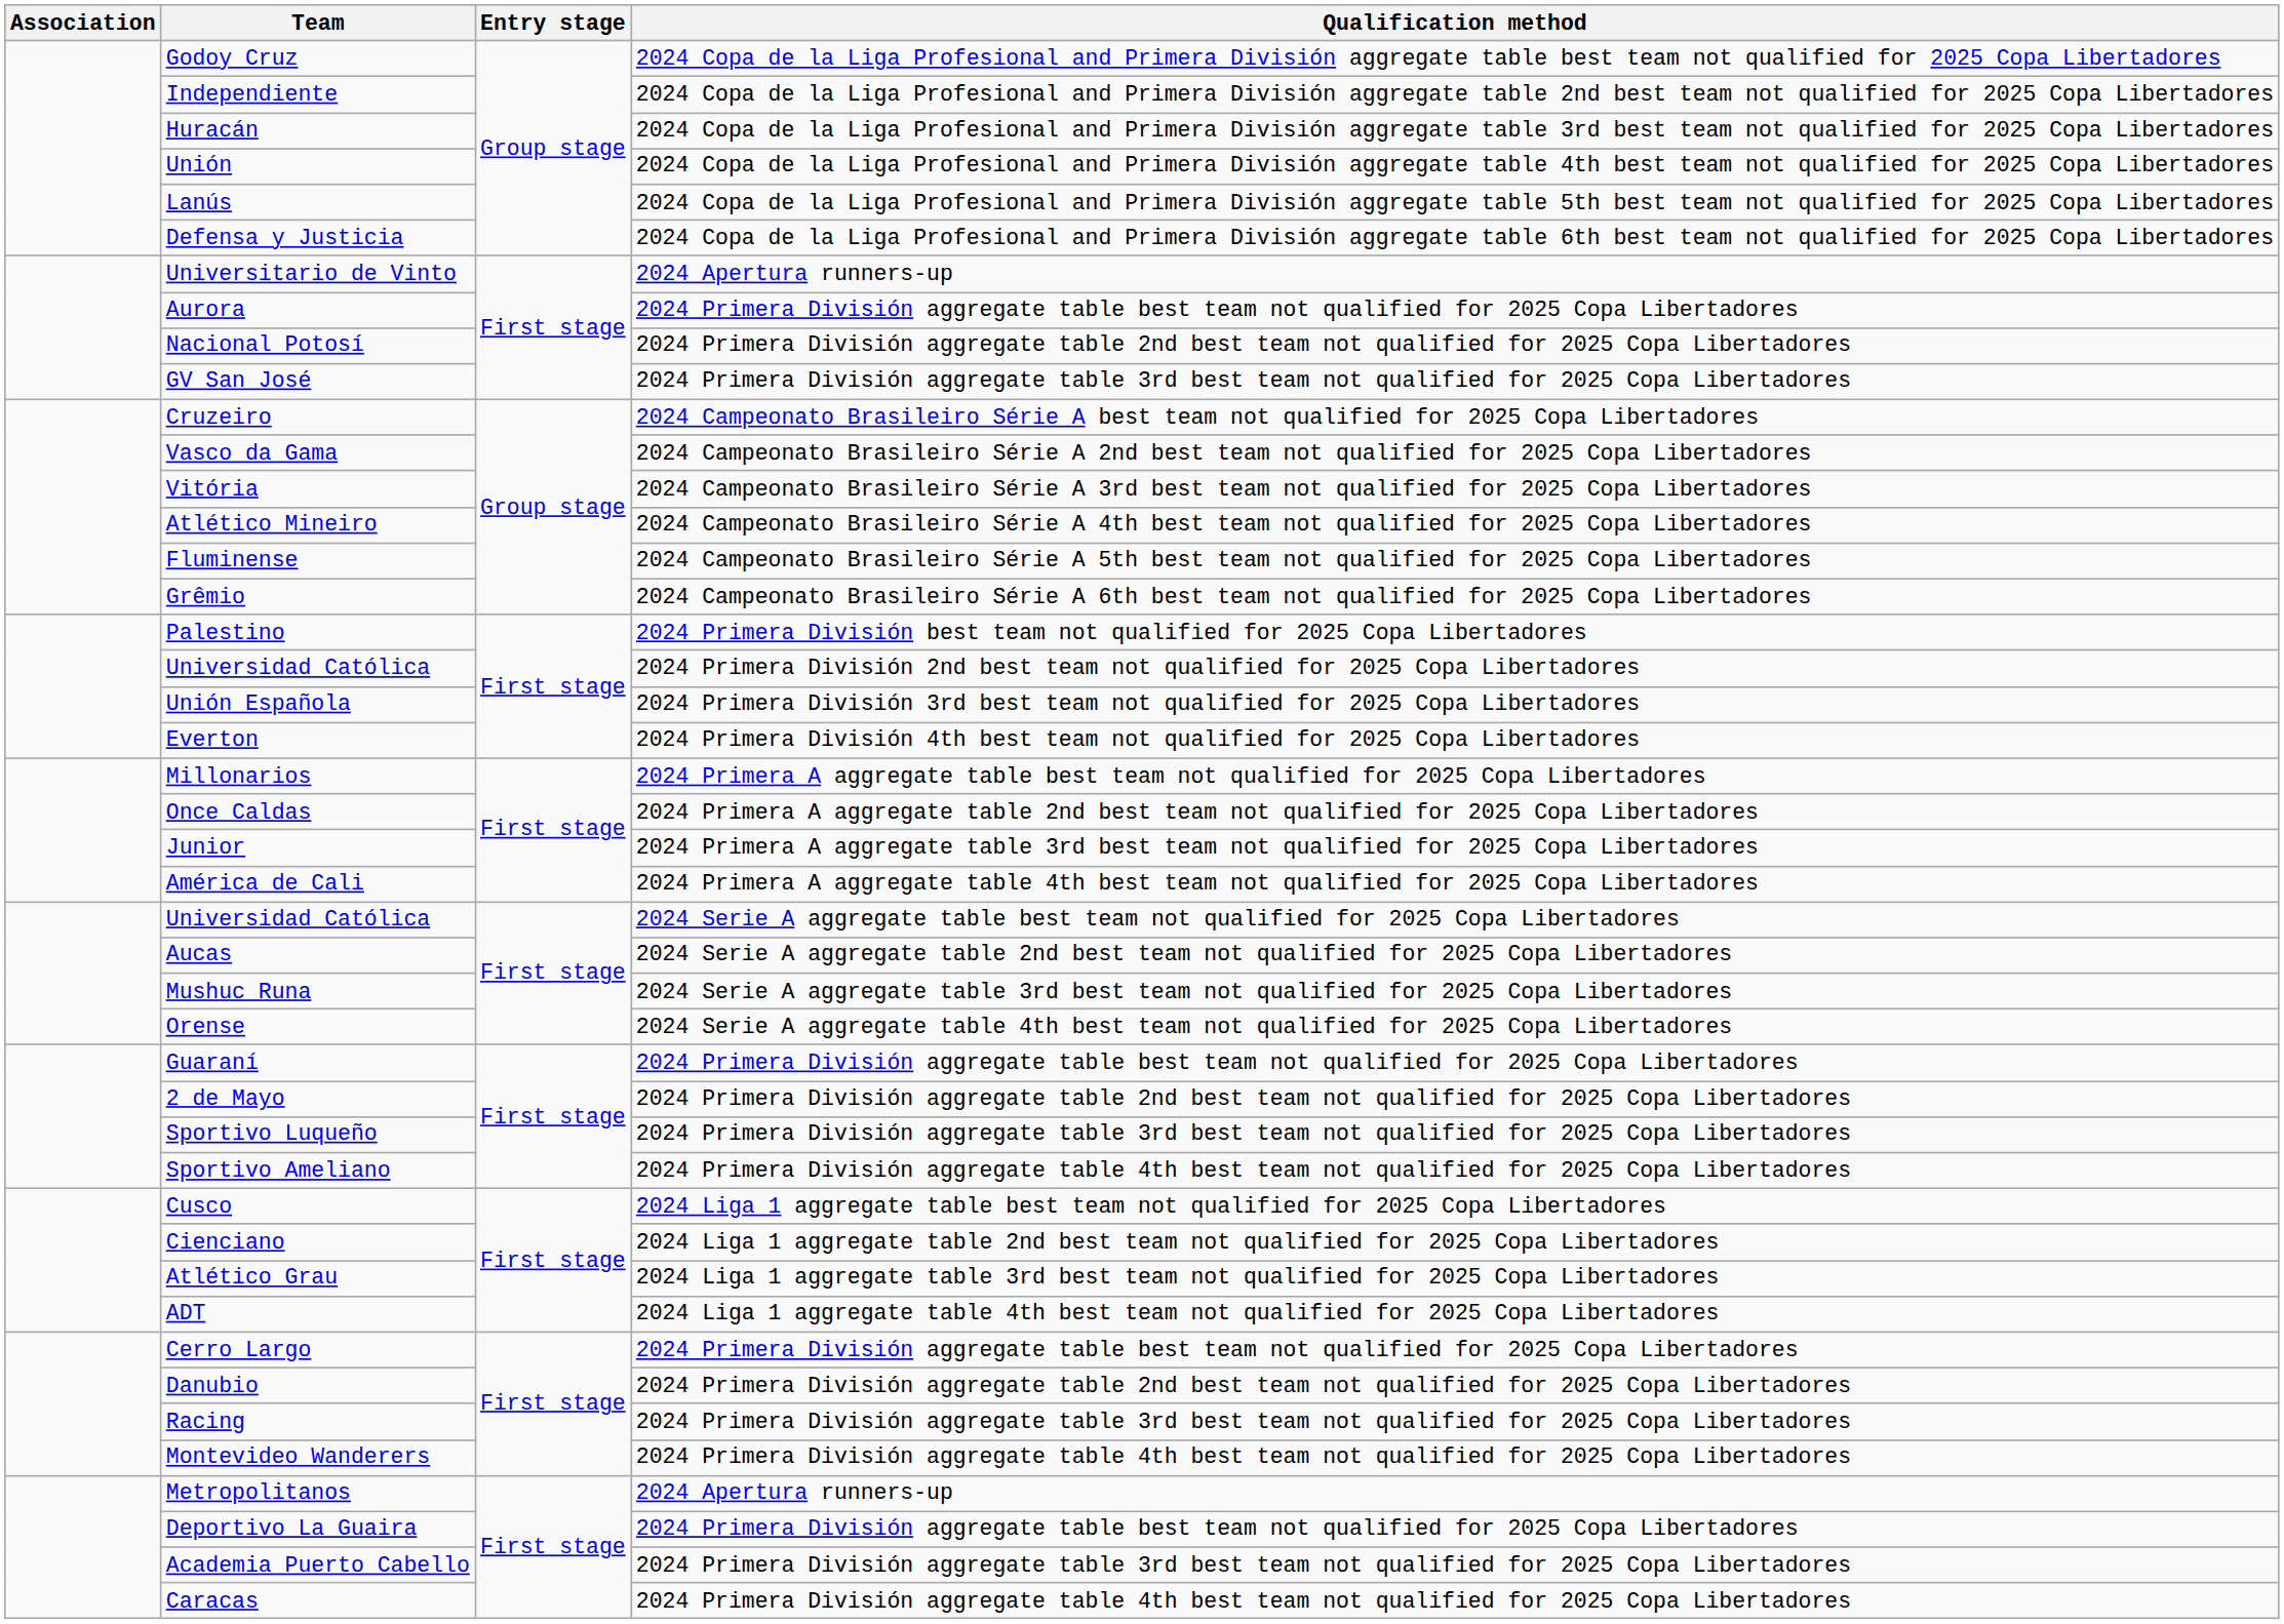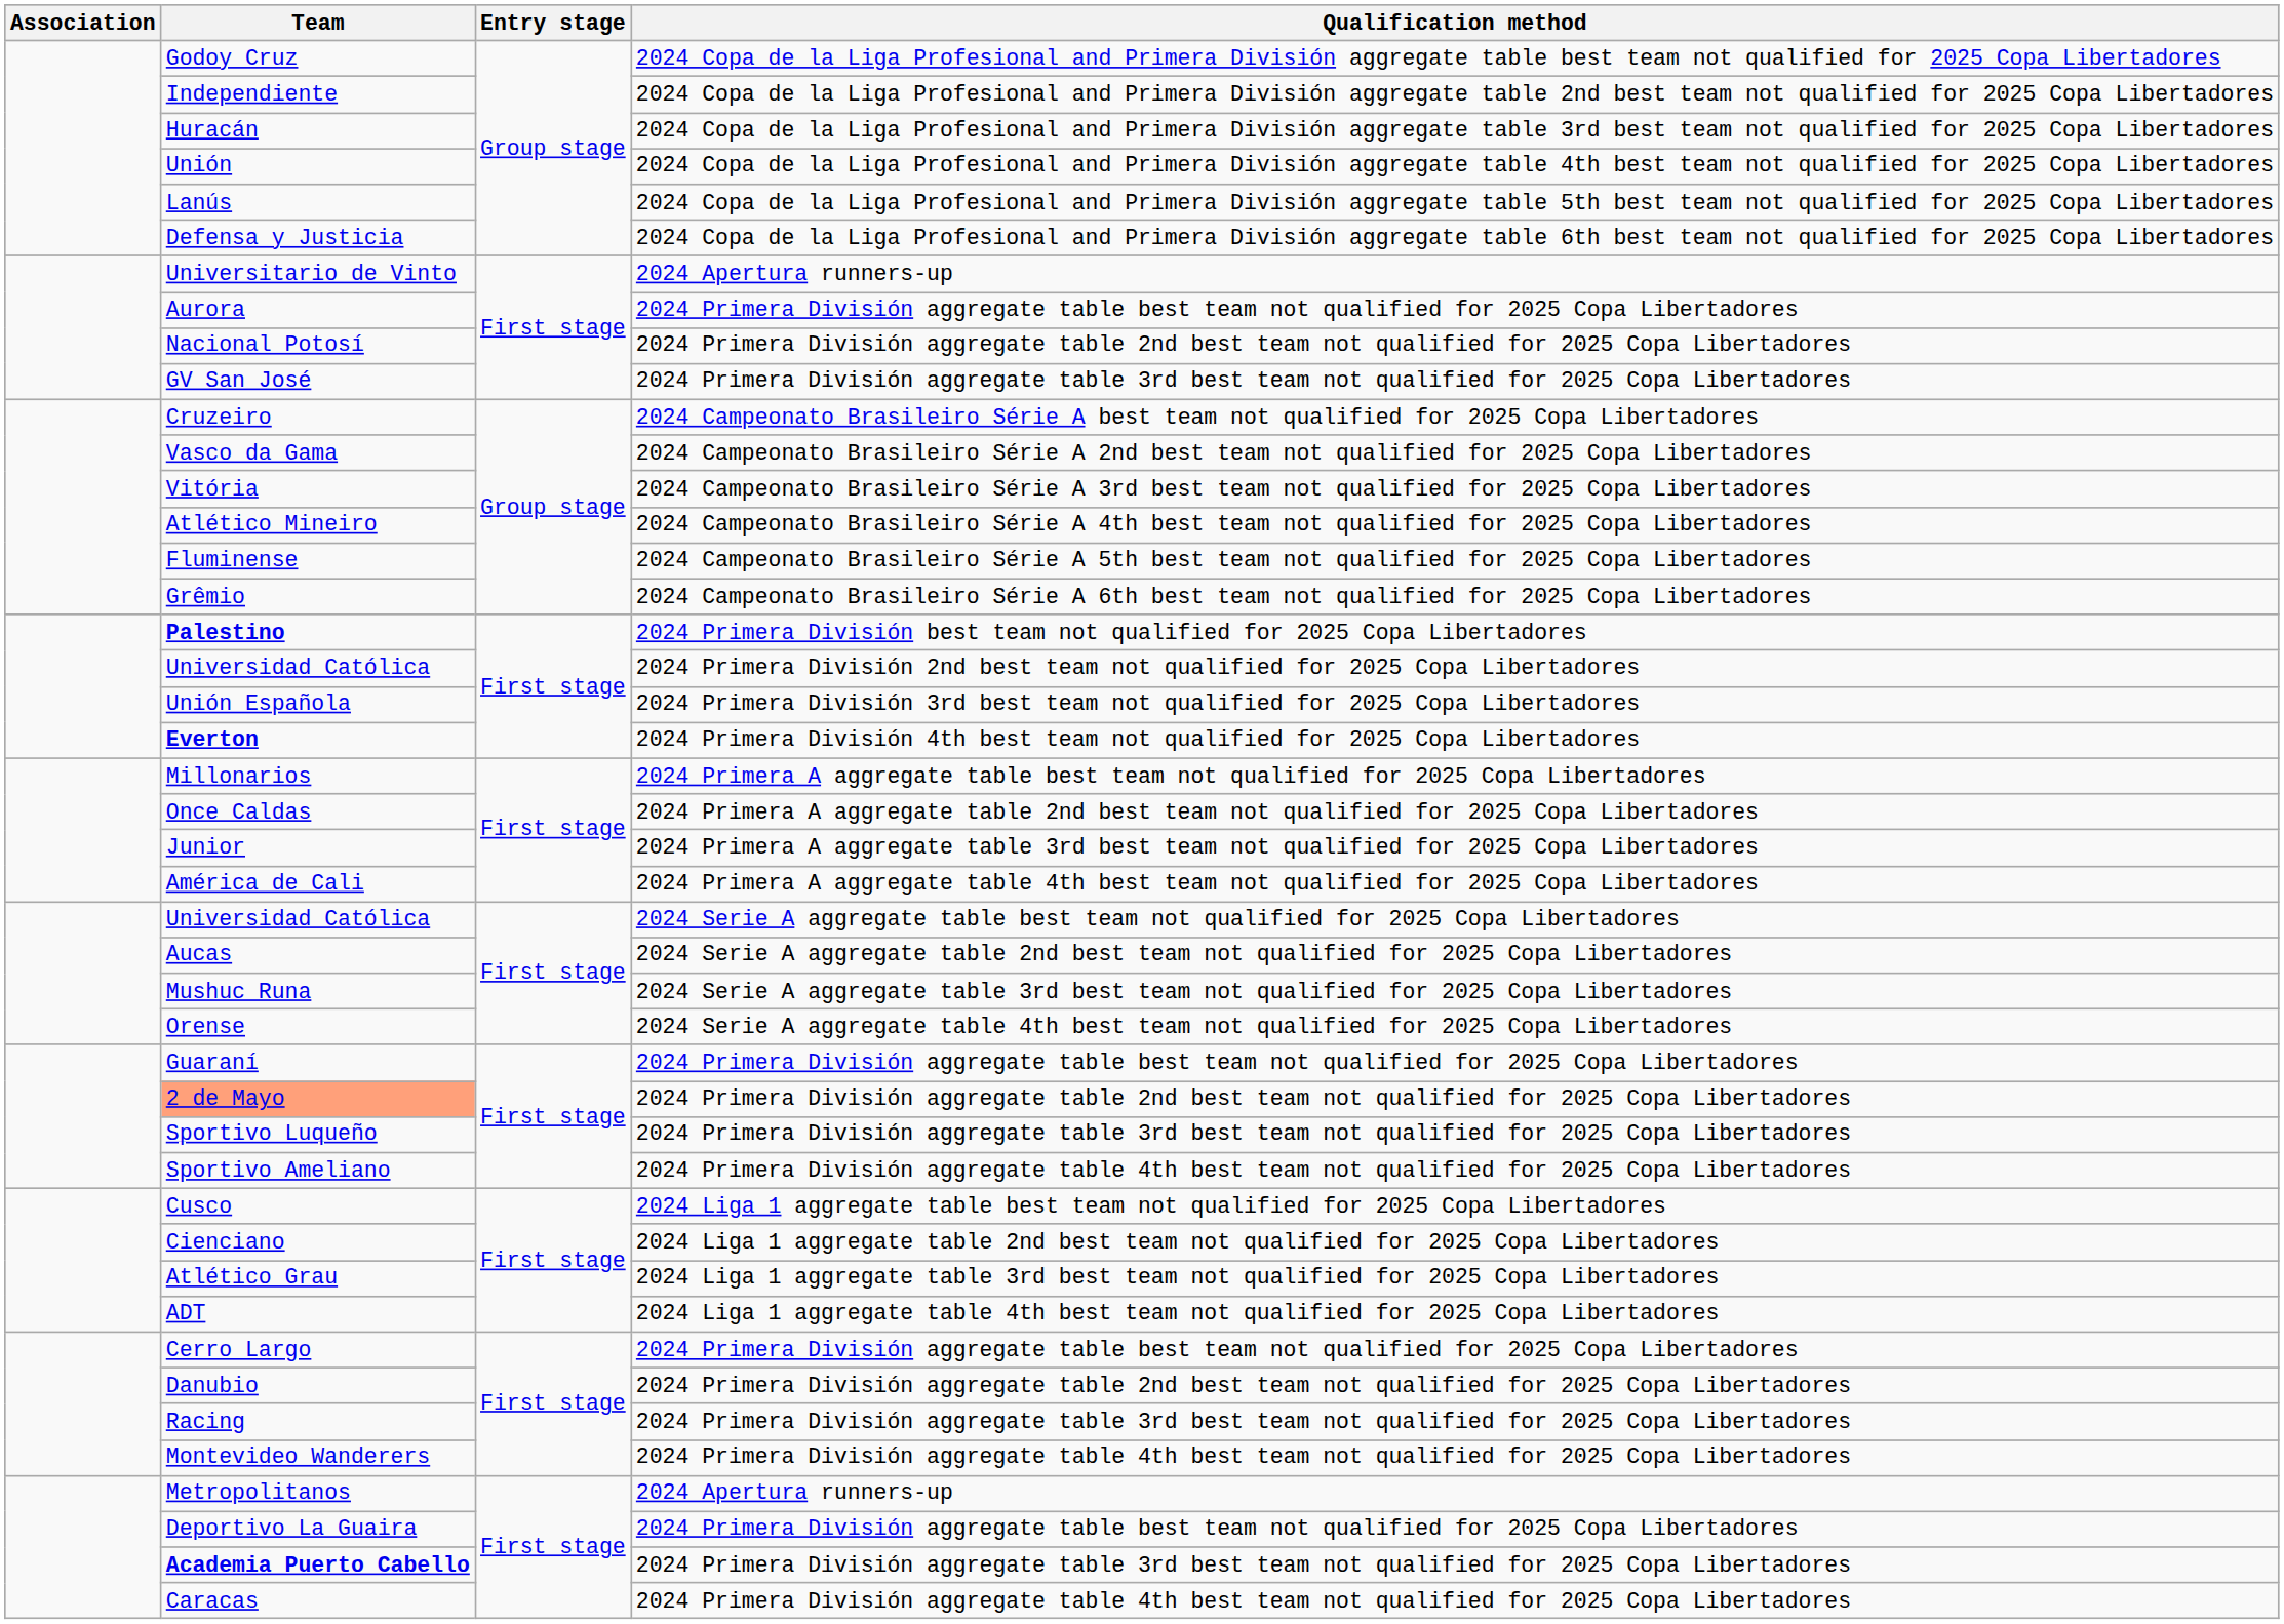 <table class="wikitable">
 <tr>
 <th>Association</th>
 <th>Team </th>
 <th>Entry stage</th>
 <th>Qualification method</th>
 </tr>
 <tr>
 <td rowspan=6><br></td>
 <td><a href='#'>Godoy Cruz</a> </td>
 <td rowspan=6><a href='#'>Group stage</a></td>
 <td><a href='#'>2024 Copa de la Liga Profesional and Primera División</a> aggregate table best team not qualified for <a href='#'>2025 Copa Libertadores</a></td>
 </tr>
 <tr>
 <td><a href='#'>Independiente</a> </td>
 <td>2024 Copa de la Liga Profesional and Primera División aggregate table 2nd best team not qualified for 2025 Copa Libertadores</td>
 </tr>
 <tr>
 <td><a href='#'>Huracán</a> </td>
 <td>2024 Copa de la Liga Profesional and Primera División aggregate table 3rd best team not qualified for 2025 Copa Libertadores</td>
 </tr>
 <tr>
 <td><a href='#'>Unión</a> </td>
 <td>2024 Copa de la Liga Profesional and Primera División aggregate table 4th best team not qualified for 2025 Copa Libertadores</td>
 </tr>
 <tr>
 <td><a href='#'>Lanús</a> </td>
 <td>2024 Copa de la Liga Profesional and Primera División aggregate table 5th best team not qualified for 2025 Copa Libertadores</td>
 </tr>
 <tr>
 <td><a href='#'>Defensa y Justicia</a> </td>
 <td>2024 Copa de la Liga Profesional and Primera División aggregate table 6th best team not qualified for 2025 Copa Libertadores</td>
 </tr>
 <tr>
 <td rowspan=4><br></td>
 <td><a href='#'>Universitario de Vinto</a> </td>
 <td rowspan=4><a href='#'>First stage</a></td>
 <td><a href='#'>2024 Apertura</a> runners-up</td>
 </tr>
 <tr>
 <td><a href='#'>Aurora</a> </td>
 <td><a href='#'>2024 Primera División</a> aggregate table best team not qualified for 2025 Copa Libertadores</td>
 </tr>
 <tr>
 <td><a href='#'>Nacional Potosí</a> </td>
 <td>2024 Primera División aggregate table 2nd best team not qualified for 2025 Copa Libertadores</td>
 </tr>
 <tr>
 <td><a href='#'>GV San José</a> </td>
 <td>2024 Primera División aggregate table 3rd best team not qualified for 2025 Copa Libertadores</td>
 </tr>
 <tr>
 <td rowspan=6><br></td>
 <td><a href='#'>Cruzeiro</a> </td>
 <td rowspan=6><a href='#'>Group stage</a></td>
 <td><a href='#'>2024 Campeonato Brasileiro Série A</a> best team not qualified for 2025 Copa Libertadores</td>
 </tr>
 <tr>
 <td><a href='#'>Vasco da Gama</a> </td>
 <td>2024 Campeonato Brasileiro Série A 2nd best team not qualified for 2025 Copa Libertadores</td>
 </tr>
 <tr>
 <td><a href='#'>Vitória</a> </td>
 <td>2024 Campeonato Brasileiro Série A 3rd best team not qualified for 2025 Copa Libertadores</td>
 </tr>
 <tr>
 <td><a href='#'>Atlético Mineiro</a> </td>
 <td>2024 Campeonato Brasileiro Série A 4th best team not qualified for 2025 Copa Libertadores</td>
 </tr>
 <tr>
 <td><a href='#'>Fluminense</a> </td>
 <td>2024 Campeonato Brasileiro Série A 5th best team not qualified for 2025 Copa Libertadores</td>
 </tr>
 <tr>
 <td><a href='#'>Grêmio</a> </td>
 <td>2024 Campeonato Brasileiro Série A 6th best team not qualified for 2025 Copa Libertadores</td>
 </tr>
 <tr>
 <td rowspan=4><br></td>
-<td><a href='#'>Palestino</a> </td>
+<td><strong><a href='#'>Palestino</a> </strong></td>
 <td rowspan=4><a href='#'>First stage</a></td>
 <td><a href='#'>2024 Primera División</a> best team not qualified for 2025 Copa Libertadores</td>
 </tr>
 <tr>
 <td><a href='#'>Universidad Católica</a> </td>
 <td>2024 Primera División 2nd best team not qualified for 2025 Copa Libertadores</td>
 </tr>
 <tr>
 <td><a href='#'>Unión Española</a> </td>
 <td>2024 Primera División 3rd best team not qualified for 2025 Copa Libertadores</td>
 </tr>
 <tr>
-<td><a href='#'>Everton</a> </td>
+<td><strong><a href='#'>Everton</a> </strong></td>
 <td>2024 Primera División 4th best team not qualified for 2025 Copa Libertadores</td>
 </tr>
 <tr>
 <td rowspan=4><br></td>
 <td><a href='#'>Millonarios</a> </td>
 <td rowspan=4><a href='#'>First stage</a></td>
 <td><a href='#'>2024 Primera A</a> aggregate table best team not qualified for 2025 Copa Libertadores</td>
 </tr>
 <tr>
 <td><a href='#'>Once Caldas</a> </td>
 <td>2024 Primera A aggregate table 2nd best team not qualified for 2025 Copa Libertadores</td>
 </tr>
 <tr>
 <td><a href='#'>Junior</a> </td>
 <td>2024 Primera A aggregate table 3rd best team not qualified for 2025 Copa Libertadores</td>
 </tr>
 <tr>
 <td><a href='#'>América de Cali</a> </td>
 <td>2024 Primera A aggregate table 4th best team not qualified for 2025 Copa Libertadores</td>
 </tr>
 <tr>
 <td rowspan=4><br></td>
 <td><a href='#'>Universidad Católica</a> </td>
 <td rowspan=4><a href='#'>First stage</a></td>
 <td><a href='#'>2024 Serie A</a> aggregate table best team not qualified for 2025 Copa Libertadores</td>
 </tr>
 <tr>
 <td><a href='#'>Aucas</a> </td>
 <td>2024 Serie A aggregate table 2nd best team not qualified for 2025 Copa Libertadores</td>
 </tr>
 <tr>
 <td><a href='#'>Mushuc Runa</a> </td>
 <td>2024 Serie A aggregate table 3rd best team not qualified for 2025 Copa Libertadores</td>
 </tr>
 <tr>
 <td><a href='#'>Orense</a> </td>
 <td>2024 Serie A aggregate table 4th best team not qualified for 2025 Copa Libertadores</td>
 </tr>
 <tr>
 <td rowspan=4><br></td>
 <td><a href='#'>Guaraní</a> </td>
 <td rowspan=4><a href='#'>First stage</a></td>
 <td><a href='#'>2024 Primera División</a> aggregate table best team not qualified for 2025 Copa Libertadores</td>
 </tr>
 <tr>
-<td><a href='#'>2 de Mayo</a> </td>
+<td style="background: lightsalmon;"><a href='#'>2 de Mayo</a> </td>
 <td>2024 Primera División aggregate table 2nd best team not qualified for 2025 Copa Libertadores</td>
 </tr>
 <tr>
 <td><a href='#'>Sportivo Luqueño</a> </td>
 <td>2024 Primera División aggregate table 3rd best team not qualified for 2025 Copa Libertadores</td>
 </tr>
 <tr>
 <td><a href='#'>Sportivo Ameliano</a> </td>
 <td>2024 Primera División aggregate table 4th best team not qualified for 2025 Copa Libertadores</td>
 </tr>
 <tr>
 <td rowspan=4><br></td>
 <td><a href='#'>Cusco</a> </td>
 <td rowspan=4><a href='#'>First stage</a></td>
 <td><a href='#'>2024 Liga 1</a> aggregate table best team not qualified for 2025 Copa Libertadores</td>
 </tr>
 <tr>
 <td><a href='#'>Cienciano</a> </td>
 <td>2024 Liga 1 aggregate table 2nd best team not qualified for 2025 Copa Libertadores</td>
 </tr>
 <tr>
 <td><a href='#'>Atlético Grau</a> </td>
 <td>2024 Liga 1 aggregate table 3rd best team not qualified for 2025 Copa Libertadores</td>
 </tr>
 <tr>
 <td><a href='#'>ADT</a> </td>
 <td>2024 Liga 1 aggregate table 4th best team not qualified for 2025 Copa Libertadores</td>
 </tr>
 <tr>
 <td rowspan=4><br></td>
 <td><a href='#'>Cerro Largo</a> </td>
 <td rowspan=4><a href='#'>First stage</a></td>
 <td><a href='#'>2024 Primera División</a> aggregate table best team not qualified for 2025 Copa Libertadores</td>
 </tr>
 <tr>
 <td><a href='#'>Danubio</a> </td>
 <td>2024 Primera División aggregate table 2nd best team not qualified for 2025 Copa Libertadores</td>
 </tr>
 <tr>
 <td><a href='#'>Racing</a> </td>
 <td>2024 Primera División aggregate table 3rd best team not qualified for 2025 Copa Libertadores</td>
 </tr>
 <tr>
 <td><a href='#'>Montevideo Wanderers</a> </td>
 <td>2024 Primera División aggregate table 4th best team not qualified for 2025 Copa Libertadores</td>
 </tr>
 <tr>
 <td rowspan=4><br></td>
 <td><a href='#'>Metropolitanos</a> </td>
 <td rowspan=4><a href='#'>First stage</a></td>
 <td><a href='#'>2024 Apertura</a> runners-up</td>
 </tr>
 <tr>
 <td><a href='#'>Deportivo La Guaira</a> </td>
 <td><a href='#'>2024 Primera División</a> aggregate table best team not qualified for 2025 Copa Libertadores</td>
 </tr>
 <tr>
-<td><a href='#'>Academia Puerto Cabello</a> </td>
+<td><strong><a href='#'>Academia Puerto Cabello</a> </strong></td>
 <td>2024 Primera División aggregate table 3rd best team not qualified for 2025 Copa Libertadores</td>
 </tr>
 <tr>
 <td><a href='#'>Caracas</a> </td>
 <td>2024 Primera División aggregate table 4th best team not qualified for 2025 Copa Libertadores</td>
 </tr>
 </table>
